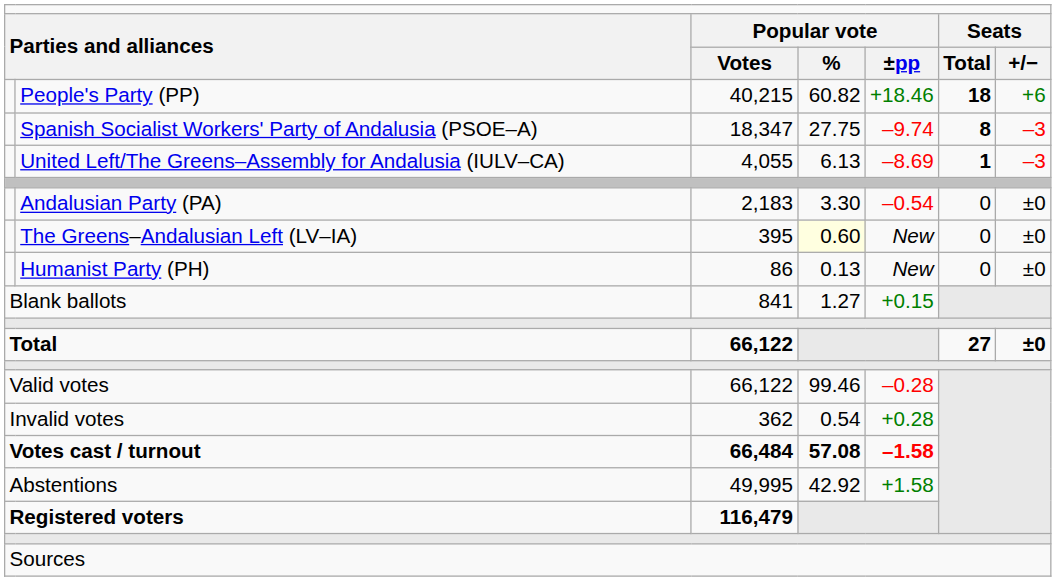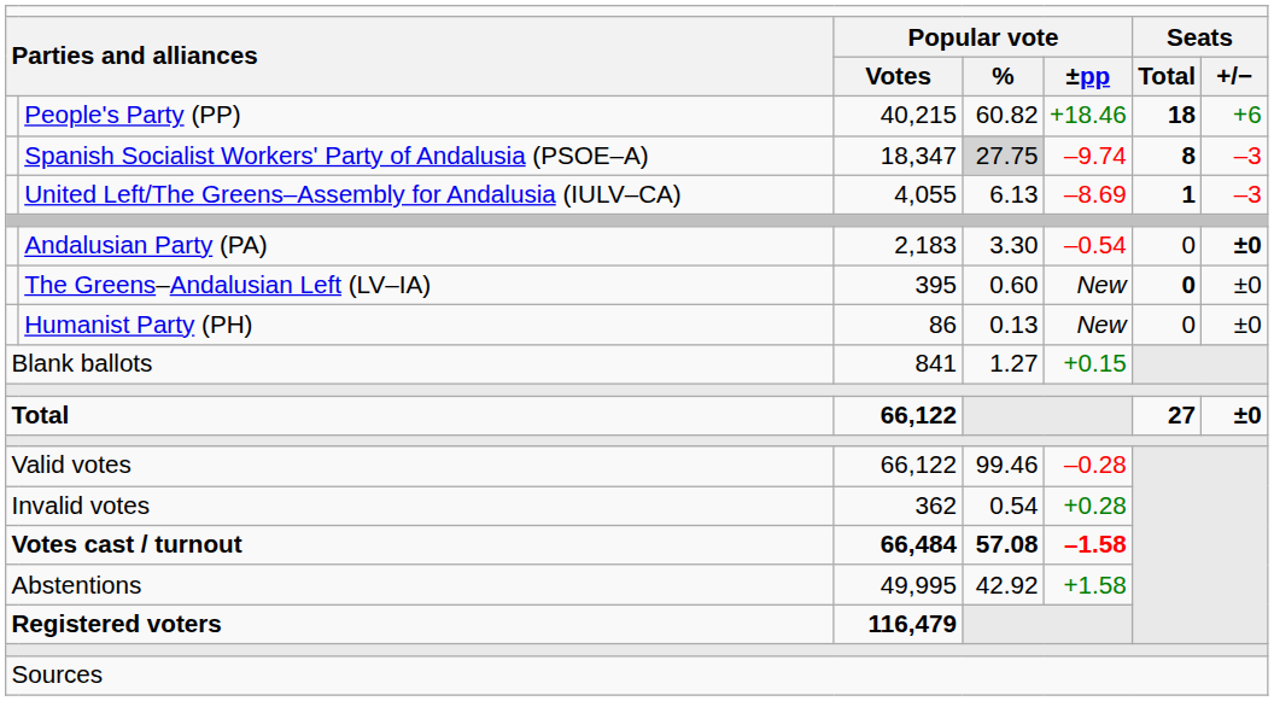 <table class="wikitable" style="text-align:right;">
 <tr>
 <td colspan="7"></td>
 </tr>
 <tr>
 <th style="text-align:left;" rowspan="2" colspan="2" width="525">Parties and alliances</th>
 <th colspan="3">Popular vote</th>
 <th colspan="2">Seats</th>
 </tr>
 <tr>
 <th width="75">Votes</th>
 <th width="45">%</th>
 <th width="45">±<a href='#'>pp</a></th>
 <th width="35">Total</th>
 <th width="35">+/−</th>
 </tr>
 <tr>
 <td width="1" style="color:inherit;background:"></td>
 <td align="left"><a href='#'>People's Party</a> (PP)</td>
 <td>40,215</td>
 <td>60.82</td>
 <td style="color:green;">+18.46</td>
 <td><strong>18</strong></td>
 <td style="color:green;">+6</td>
 </tr>
 <tr>
 <td style="color:inherit;background:"></td>
 <td align="left"><a href='#'>Spanish Socialist Workers' Party of Andalusia</a> (PSOE–A)</td>
 <td>18,347</td>
-<td>27.75</td>
+<td style="background: lightgrey;">27.75</td>
 <td style="color:red;">–9.74</td>
 <td><strong>8</strong></td>
 <td style="color:red;">–3</td>
 </tr>
 <tr>
 <td style="color:inherit;background:"></td>
 <td align="left"><a href='#'>United Left/The Greens–Assembly for Andalusia</a> (IULV–CA)</td>
 <td>4,055</td>
 <td>6.13</td>
 <td style="color:red;">–8.69</td>
 <td><strong>1</strong></td>
 <td style="color:red;">–3</td>
 </tr>
 <tr>
 <td colspan="7" bgcolor="#C0C0C0"></td>
 </tr>
 <tr>
 <td style="color:inherit;background:"></td>
 <td align="left"><a href='#'>Andalusian Party</a> (PA)</td>
 <td>2,183</td>
 <td>3.30</td>
 <td style="color:red;">–0.54</td>
 <td>0</td>
-<td>±0</td>
+<td><strong>±0</strong></td>
 </tr>
 <tr>
 <td style="color:inherit;background:"></td>
 <td align="left"><a href='#'>The Greens</a>–<a href='#'>Andalusian Left</a> (LV–IA)</td>
 <td>395</td>
-<td style="background: lightyellow;">0.60</td>
+<td>0.60</td>
 <td><em>New</em></td>
-<td>0</td>
+<td><strong>0</strong></td>
 <td>±0</td>
 </tr>
 <tr>
 <td style="color:inherit;background:"></td>
 <td align="left"><a href='#'>Humanist Party</a> (PH)</td>
 <td>86</td>
 <td>0.13</td>
 <td><em>New</em></td>
 <td>0</td>
 <td>±0</td>
 </tr>
 <tr>
 <td align="left" colspan="2">Blank ballots</td>
 <td>841</td>
 <td>1.27</td>
 <td style="color:green;">+0.15</td>
 <td bgcolor="#E9E9E9" colspan="2"></td>
 </tr>
 <tr>
 <td colspan="7" bgcolor="#E9E9E9"></td>
 </tr>
 <tr style="font-weight:bold;">
 <td align="left" colspan="2">Total</td>
 <td>66,122</td>
 <td bgcolor="#E9E9E9" colspan="2"></td>
 <td>27</td>
 <td>±0</td>
 </tr>
 <tr>
 <td colspan="7" bgcolor="#E9E9E9"></td>
 </tr>
 <tr>
 <td align="left" colspan="2">Valid votes</td>
 <td>66,122</td>
 <td>99.46</td>
 <td style="color:red;">–0.28</td>
 <td bgcolor="#E9E9E9" colspan="2" rowspan="5"></td>
 </tr>
 <tr>
 <td align="left" colspan="2">Invalid votes</td>
 <td>362</td>
 <td>0.54</td>
 <td style="color:green;">+0.28</td>
 </tr>
 <tr style="font-weight:bold;">
 <td align="left" colspan="2">Votes cast / turnout</td>
 <td>66,484</td>
 <td>57.08</td>
 <td style="color:red;">–1.58</td>
 </tr>
 <tr>
 <td align="left" colspan="2">Abstentions</td>
 <td>49,995</td>
 <td>42.92</td>
 <td style="color:green;">+1.58</td>
 </tr>
 <tr style="font-weight:bold;">
 <td align="left" colspan="2">Registered voters</td>
 <td>116,479</td>
 <td bgcolor="#E9E9E9" colspan="2"></td>
 </tr>
 <tr>
 <td colspan="7" bgcolor="#E9E9E9"></td>
 </tr>
 <tr>
 <td align="left" colspan="7">Sources</td>
 </tr>
 </table>
